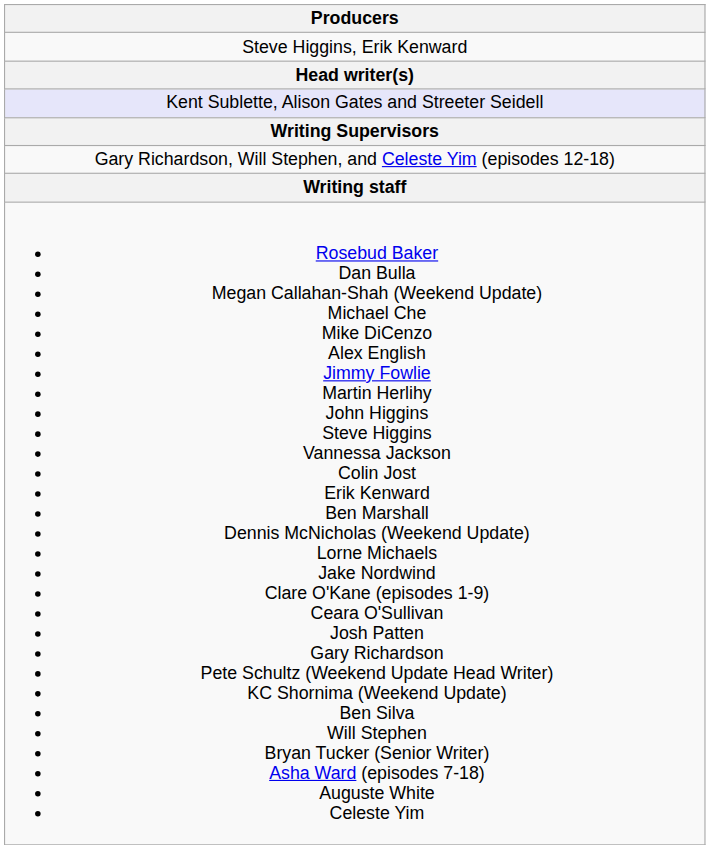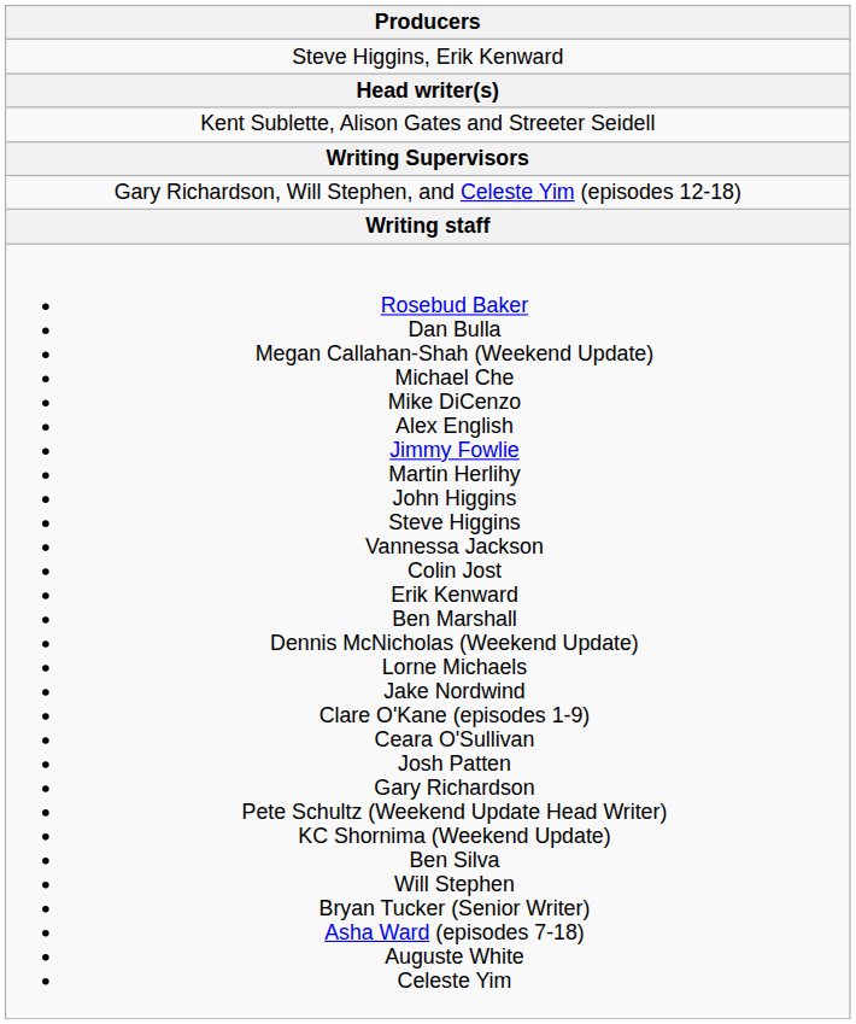 <table class="wikitable plainrowheaders"  style="text-align:center; width:50%;">
 <tr>
 <th><strong>Producers</strong></th>
 </tr>
 <tr>
 <td>Steve Higgins, Erik Kenward</td>
 </tr>
 <tr>
 <th><strong>Head writer(s)</strong></th>
 </tr>
 <tr>
-<td style="background: lavender;">Kent Sublette, Alison Gates and Streeter Seidell</td>
+<td>Kent Sublette, Alison Gates and Streeter Seidell</td>
 </tr>
 <tr>
 <th><strong>Writing Supervisors</strong></th>
 </tr>
 <tr>
 <td>Gary Richardson, Will Stephen, and <a href='#'>Celeste Yim</a> (episodes 12-18)</td>
 </tr>
 <tr>
 <th><strong>Writing staff</strong></th>
 </tr>
 <tr>
 <td><br><ul><li><a href='#'>Rosebud Baker</a></li><li>Dan Bulla</li><li>Megan Callahan-Shah (Weekend Update)</li><li>Michael Che</li><li>Mike DiCenzo</li><li>Alex English</li><li><a href='#'>Jimmy Fowlie</a></li><li>Martin Herlihy</li><li>John Higgins</li><li>Steve Higgins</li><li>Vannessa Jackson</li><li>Colin Jost</li><li>Erik Kenward</li><li>Ben Marshall</li><li>Dennis McNicholas (Weekend Update)</li><li>Lorne Michaels</li><li>Jake Nordwind</li><li>Clare O'Kane (episodes 1-9)</li><li>Ceara O'Sullivan</li><li>Josh Patten</li><li>Gary Richardson</li><li>Pete Schultz (Weekend Update Head Writer)</li><li>KC Shornima (Weekend Update)</li><li>Ben Silva</li><li>Will Stephen</li><li>Bryan Tucker (Senior Writer)</li><li><a href='#'>Asha Ward</a> (episodes 7-18)</li><li>Auguste White</li><li>Celeste Yim</li></ul></td>
 </tr>
 </table>
